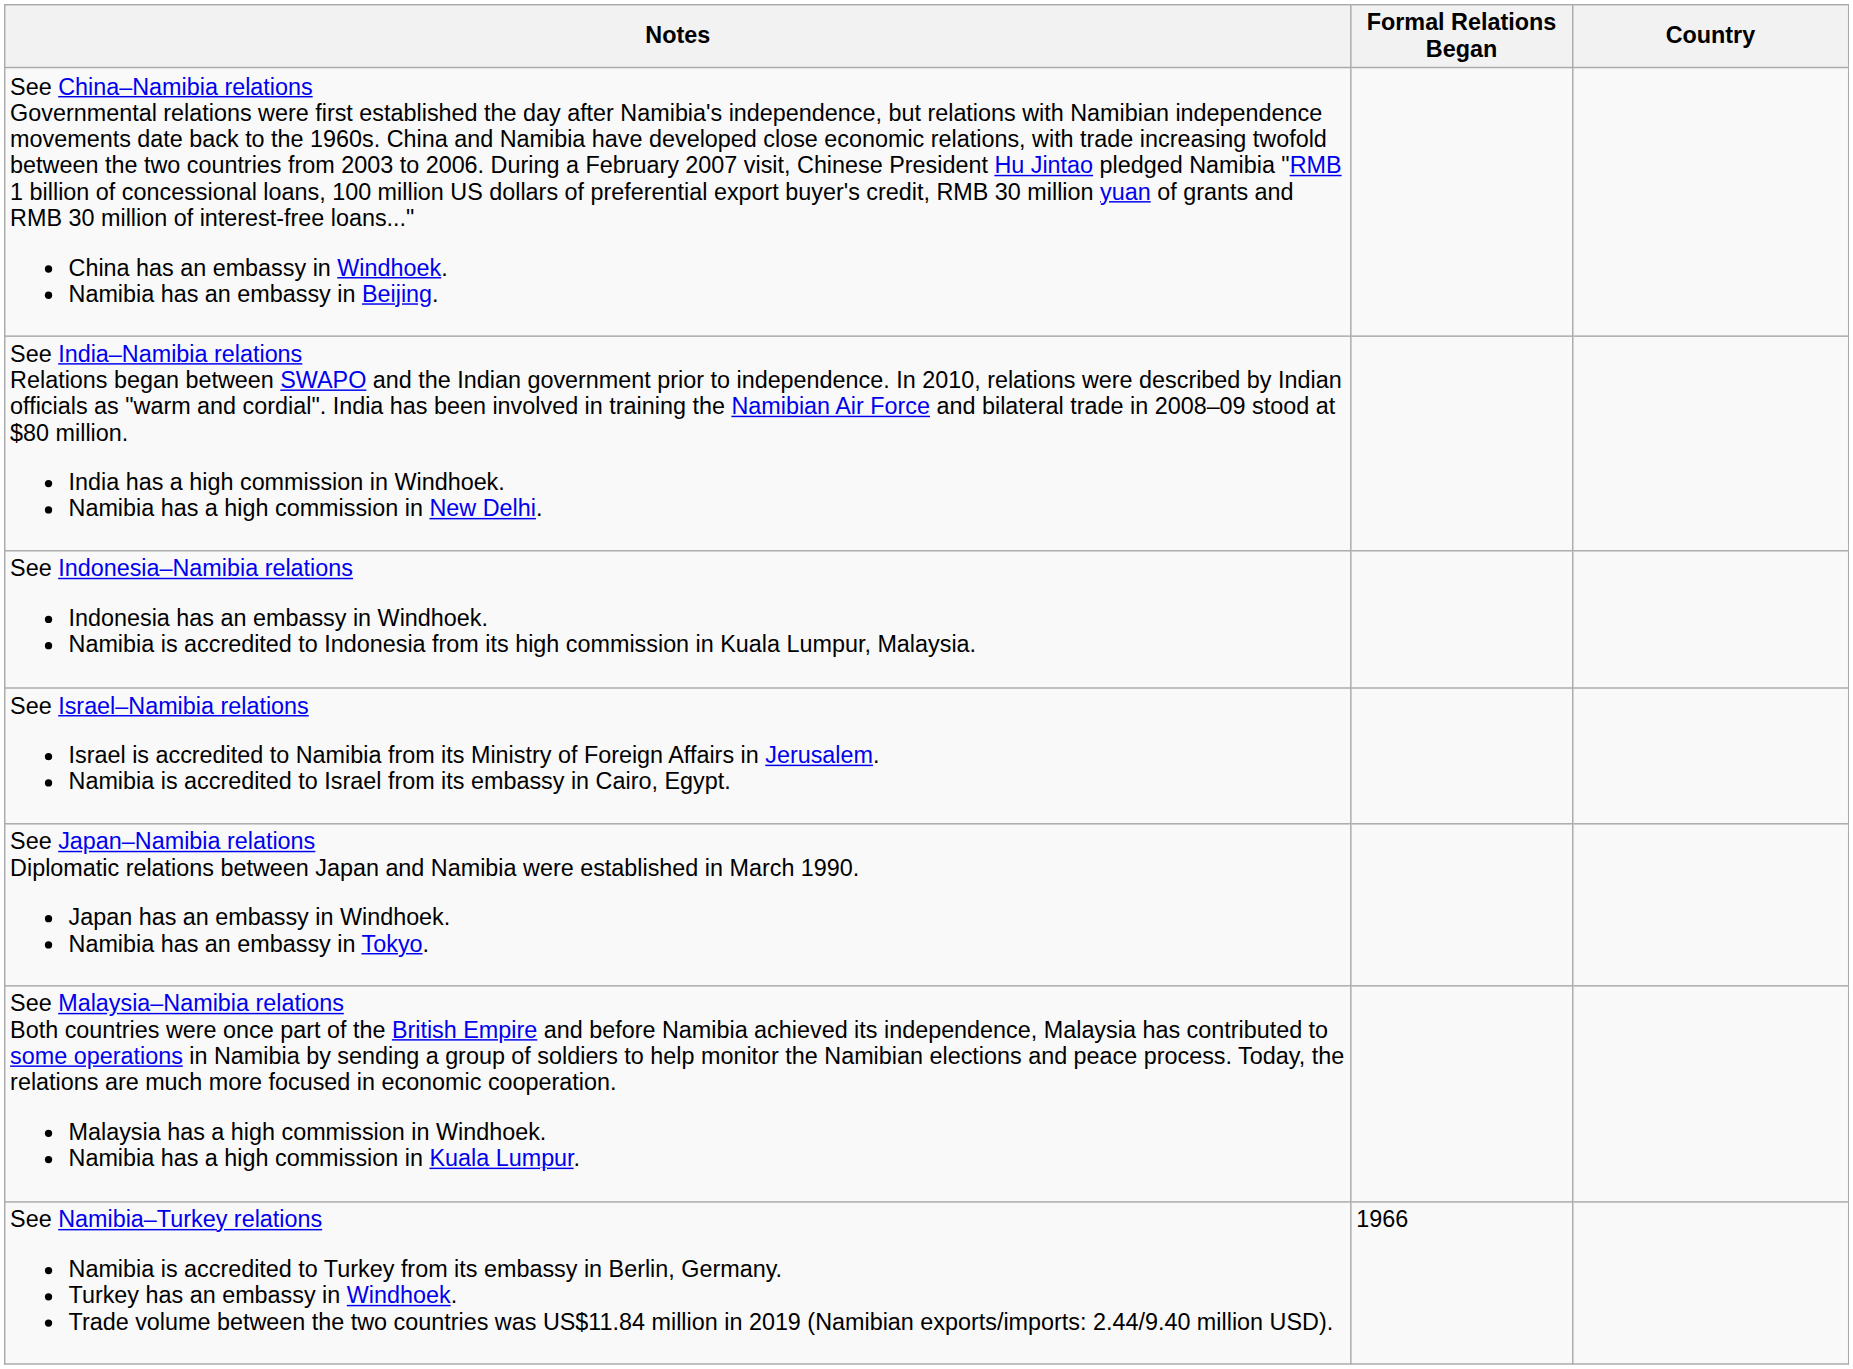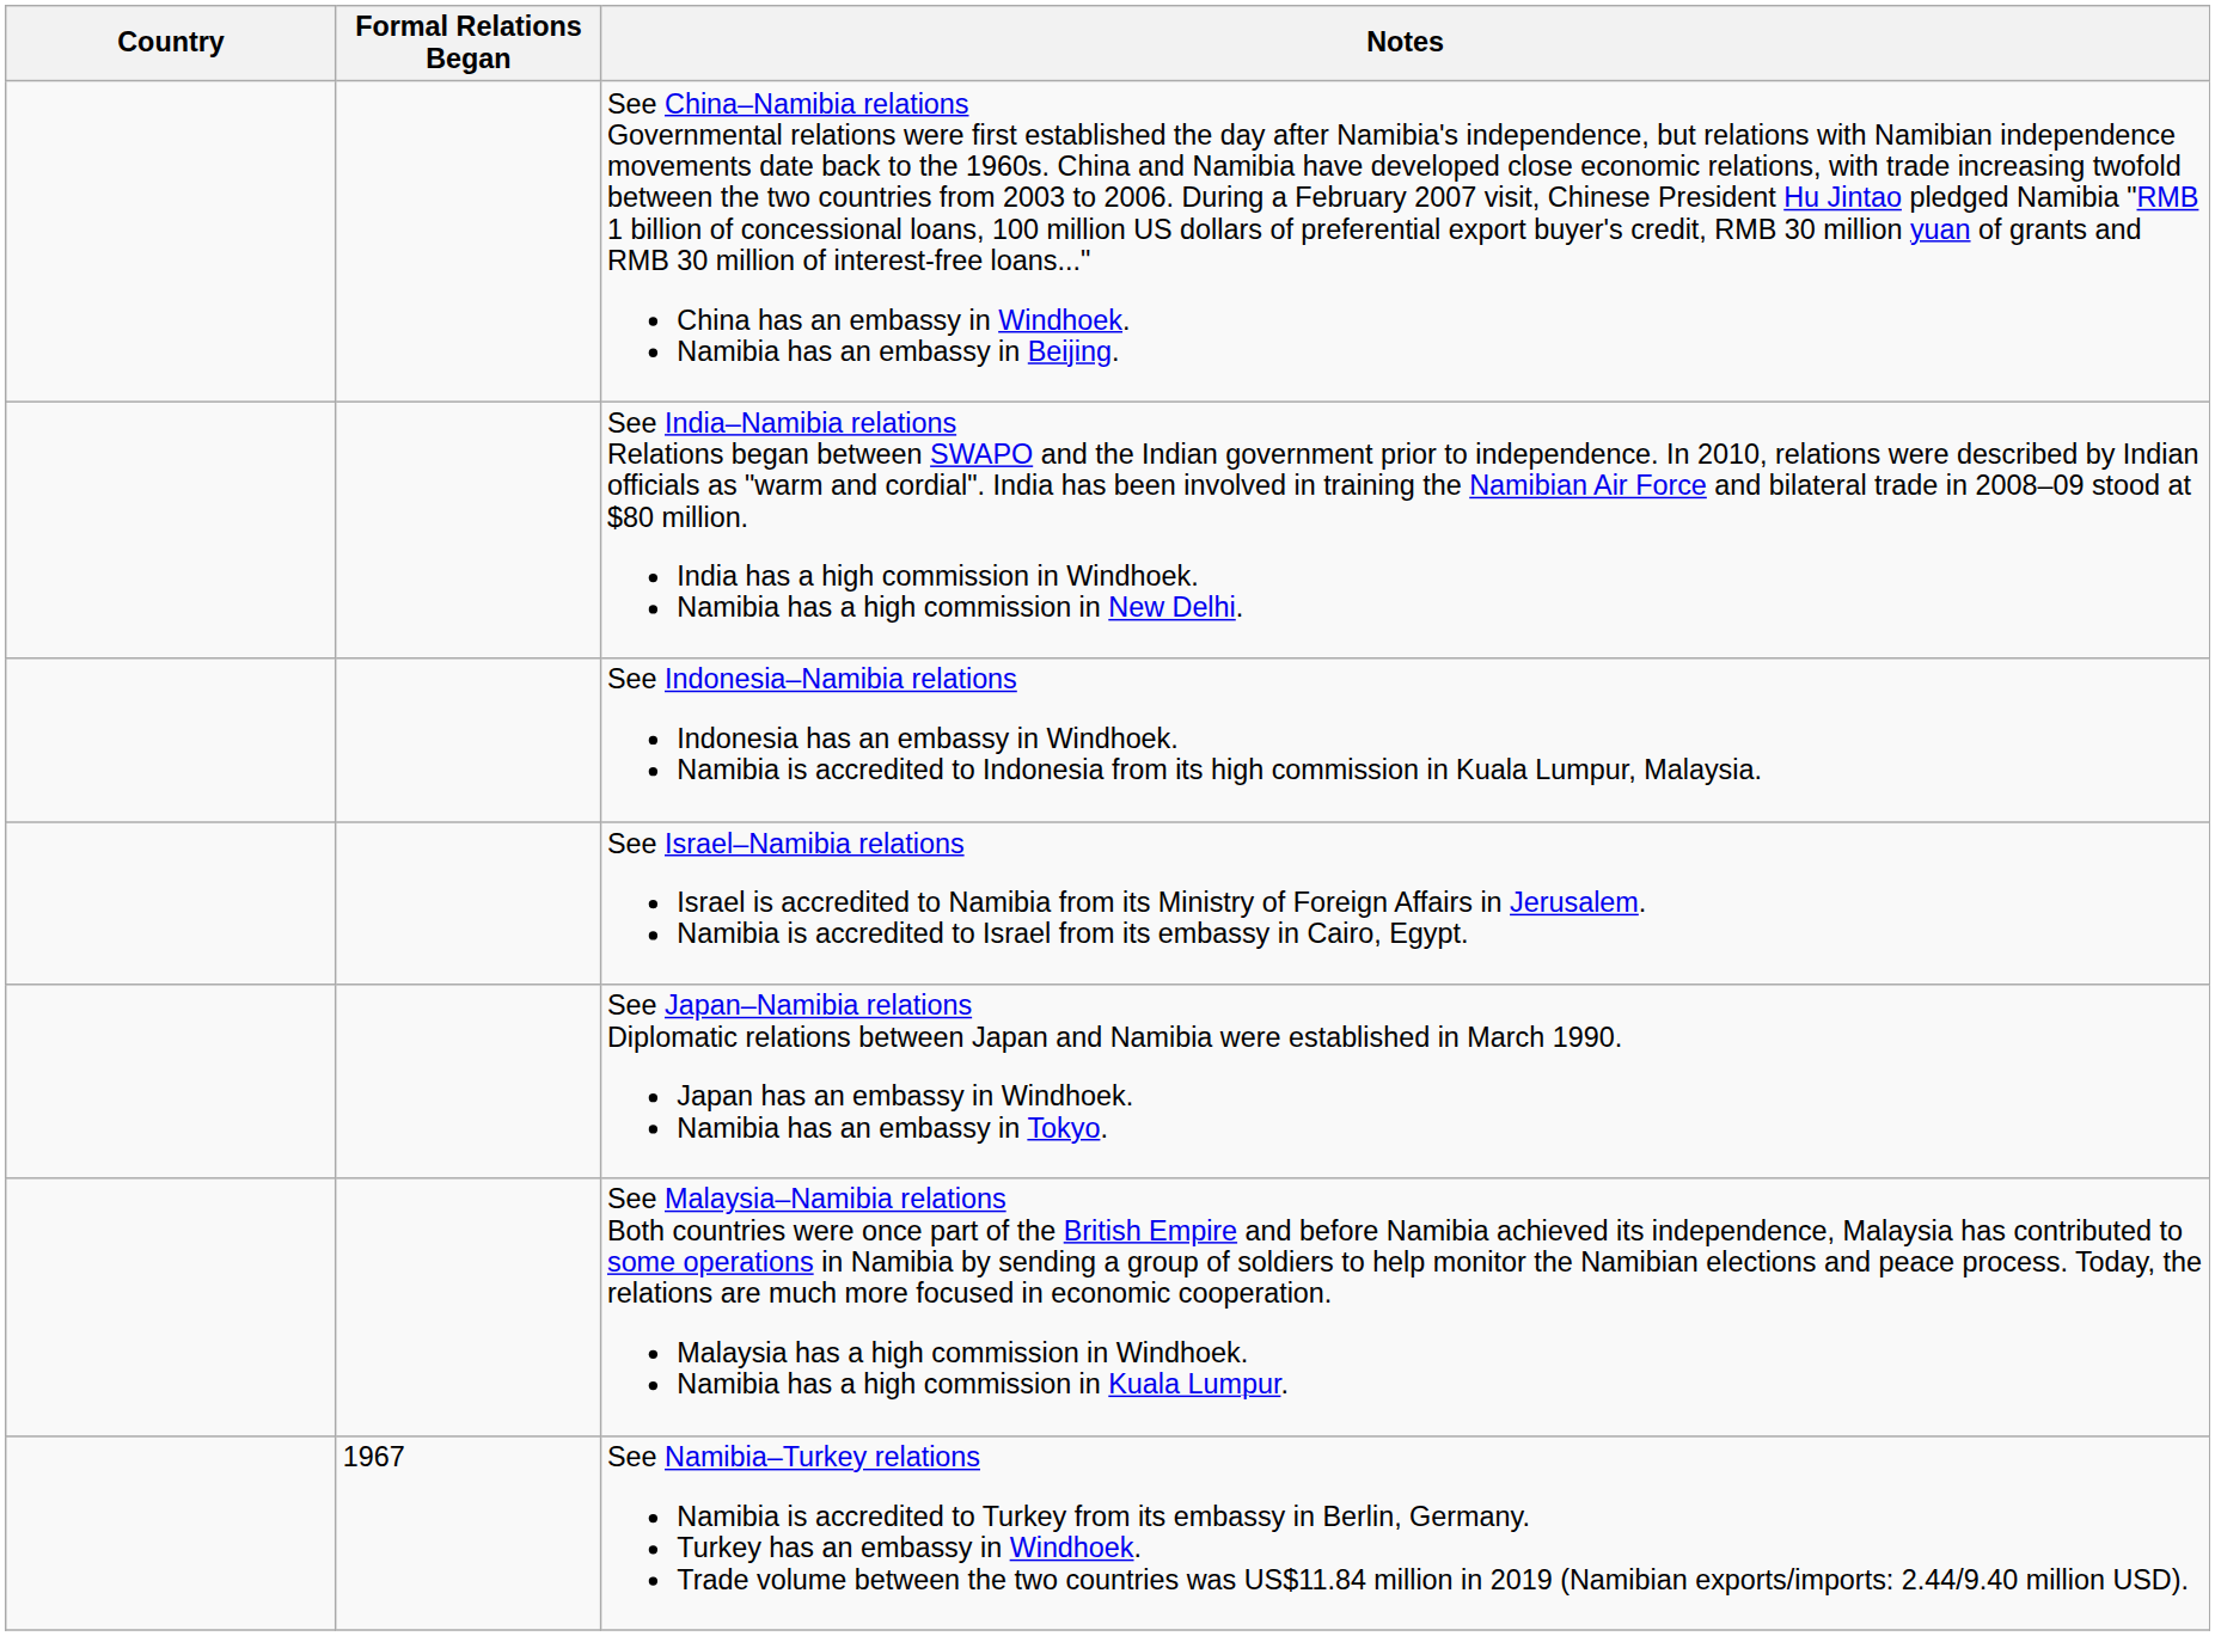 <table class="wikitable sortable" style="width:100%; margin:auto;">
 <tr>
+<th style="width:15%;">Country</th>
+<th style="width:12%;">Formal Relations Began</th>
 <th>Notes</th>
-<th style="width:12%;">Formal Relations Began</th>
-<th style="width:15%;">Country</th>
 </tr>
 <tr valign="top">
-<td>See <a href='#'>China–Namibia relations</a><br>Governmental relations were first established the day after Namibia's independence, but relations with Namibian independence movements date back to the 1960s. China and Namibia have developed close economic relations, with trade increasing twofold between the two countries from 2003 to 2006. During a February 2007 visit, Chinese President <a href='#'>Hu Jintao</a> pledged Namibia "<a href='#'>RMB</a> 1 billion of concessional loans, 100 million US dollars of preferential export buyer's credit, RMB 30 million <a href='#'>yuan</a> of grants and RMB 30 million of interest-free loans..."<ul><li>China has an embassy in <a href='#'>Windhoek</a>.</li><li>Namibia has an embassy in <a href='#'>Beijing</a>.</li></ul></td>
 <td></td>
 <td></td>
+<td>See <a href='#'>China–Namibia relations</a><br>Governmental relations were first established the day after Namibia's independence, but relations with Namibian independence movements date back to the 1960s. China and Namibia have developed close economic relations, with trade increasing twofold between the two countries from 2003 to 2006. During a February 2007 visit, Chinese President <a href='#'>Hu Jintao</a> pledged Namibia "<a href='#'>RMB</a> 1 billion of concessional loans, 100 million US dollars of preferential export buyer's credit, RMB 30 million <a href='#'>yuan</a> of grants and RMB 30 million of interest-free loans..."<ul><li>China has an embassy in <a href='#'>Windhoek</a>.</li><li>Namibia has an embassy in <a href='#'>Beijing</a>.</li></ul></td>
 </tr>
 <tr valign="top">
-<td>See <a href='#'>India–Namibia relations</a><br>Relations began between <a href='#'>SWAPO</a> and the Indian government prior to independence. In 2010, relations were described by Indian officials as "warm and cordial". India has been involved in training the <a href='#'>Namibian Air Force</a> and bilateral trade in 2008–09 stood at $80 million.<ul><li>India has a high commission in Windhoek.</li><li>Namibia has a high commission in <a href='#'>New Delhi</a>.</li></ul></td>
 <td></td>
 <td></td>
+<td>See <a href='#'>India–Namibia relations</a><br>Relations began between <a href='#'>SWAPO</a> and the Indian government prior to independence. In 2010, relations were described by Indian officials as "warm and cordial". India has been involved in training the <a href='#'>Namibian Air Force</a> and bilateral trade in 2008–09 stood at $80 million.<ul><li>India has a high commission in Windhoek.</li><li>Namibia has a high commission in <a href='#'>New Delhi</a>.</li></ul></td>
 </tr>
 <tr valign="top">
-<td>See <a href='#'>Indonesia–Namibia relations</a><br><ul><li>Indonesia has an embassy in Windhoek.</li><li>Namibia is accredited to Indonesia from its high commission in Kuala Lumpur, Malaysia.</li></ul></td>
 <td></td>
 <td></td>
+<td>See <a href='#'>Indonesia–Namibia relations</a><br><ul><li>Indonesia has an embassy in Windhoek.</li><li>Namibia is accredited to Indonesia from its high commission in Kuala Lumpur, Malaysia.</li></ul></td>
 </tr>
 <tr valign="top">
-<td>See <a href='#'>Israel–Namibia relations</a><br><ul><li>Israel is accredited to Namibia from its Ministry of Foreign Affairs in <a href='#'>Jerusalem</a>.</li><li>Namibia is accredited to Israel from its embassy in Cairo, Egypt.</li></ul></td>
 <td></td>
 <td></td>
+<td>See <a href='#'>Israel–Namibia relations</a><br><ul><li>Israel is accredited to Namibia from its Ministry of Foreign Affairs in <a href='#'>Jerusalem</a>.</li><li>Namibia is accredited to Israel from its embassy in Cairo, Egypt.</li></ul></td>
 </tr>
 <tr valign="top">
-<td>See <a href='#'>Japan–Namibia relations</a><br>Diplomatic relations between Japan and Namibia were established in March 1990.<ul><li>Japan has an embassy in Windhoek.</li><li>Namibia has an embassy in <a href='#'>Tokyo</a>.</li></ul></td>
 <td></td>
 <td></td>
+<td>See <a href='#'>Japan–Namibia relations</a><br>Diplomatic relations between Japan and Namibia were established in March 1990.<ul><li>Japan has an embassy in Windhoek.</li><li>Namibia has an embassy in <a href='#'>Tokyo</a>.</li></ul></td>
 </tr>
 <tr valign="top">
-<td>See <a href='#'>Malaysia–Namibia relations</a><br>Both countries were once part of the <a href='#'>British Empire</a> and before Namibia achieved its independence, Malaysia has contributed to <a href='#'>some operations</a> in Namibia by sending a group of soldiers to help monitor the Namibian elections and peace process. Today, the relations are much more focused in economic cooperation.<ul><li>Malaysia has a high commission in Windhoek.</li><li>Namibia has a high commission in <a href='#'>Kuala Lumpur</a>.</li></ul></td>
 <td></td>
 <td></td>
+<td>See <a href='#'>Malaysia–Namibia relations</a><br>Both countries were once part of the <a href='#'>British Empire</a> and before Namibia achieved its independence, Malaysia has contributed to <a href='#'>some operations</a> in Namibia by sending a group of soldiers to help monitor the Namibian elections and peace process. Today, the relations are much more focused in economic cooperation.<ul><li>Malaysia has a high commission in Windhoek.</li><li>Namibia has a high commission in <a href='#'>Kuala Lumpur</a>.</li></ul></td>
 </tr>
 <tr valign="top">
+<td></td>
+<td>1967</td>
 <td>See <a href='#'>Namibia–Turkey relations</a><br><ul><li>Namibia is accredited to Turkey from its embassy in Berlin, Germany.</li><li>Turkey has an embassy in <a href='#'>Windhoek</a>.</li><li>Trade volume between the two countries was US$11.84 million in 2019 (Namibian exports/imports: 2.44/9.40 million USD).</li></ul></td>
-<td>1966</td>
-<td></td>
 </tr>
 </table>
